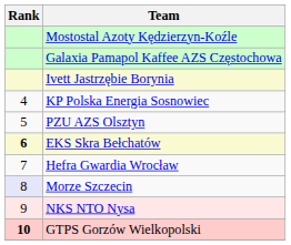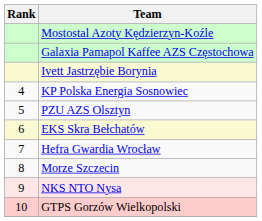 <table class="wikitable" style="white-space: nowrap; width:25%;">
 <tr>
 <th width=15%>Rank</th>
 <th>Team</th>
 </tr>
 <tr bgcolor=#CCFFCC>
 <td style="text-align:center;"></td>
 <td><a href='#'>Mostostal Azoty Kędzierzyn-Koźle</a></td>
 </tr>
 <tr bgcolor=#CCFFCC>
 <td style="text-align:center;"></td>
 <td><a href='#'>Galaxia Pamapol Kaffee AZS Częstochowa</a></td>
 </tr>
 <tr bgcolor=#FAFAD2>
 <td style="text-align:center;"></td>
 <td><a href='#'>Ivett Jastrzębie Borynia</a></td>
 </tr>
 <tr>
 <td style="text-align:center;">4</td>
 <td><a href='#'>KP Polska Energia Sosnowiec</a></td>
 </tr>
 <tr>
 <td style="text-align:center;">5</td>
 <td><a href='#'>PZU AZS Olsztyn</a></td>
 </tr>
 <tr bgcolor=#FAFAD2>
-<td style="text-align:center;"><strong>6</strong></td>
+<td style="text-align:center;">6</td>
 <td><a href='#'>EKS Skra Bełchatów</a></td>
 </tr>
 <tr>
 <td style="text-align:center;">7</td>
 <td><a href='#'>Hefra Gwardia Wrocław</a></td>
 </tr>
 <tr>
-<td style="background: lavender; text-align:center;">8</td>
+<td style="text-align:center;">8</td>
 <td><a href='#'>Morze Szczecin</a></td>
 </tr>
 <tr bgcolor=#FFE7E7>
 <td style="text-align:center;">9</td>
 <td><a href='#'>NKS NTO Nysa</a></td>
 </tr>
 <tr bgcolor=#FFCCCC>
-<td style="text-align:center;"><strong>10</strong></td>
+<td style="text-align:center;">10</td>
 <td>GTPS Gorzów Wielkopolski</td>
 </tr>
 <tr>
 </tr>
 </table>
